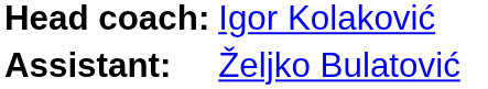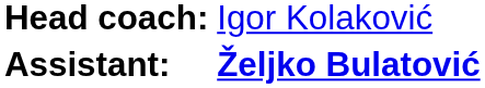 <table>
 <tr>
 <td><strong>Head coach:</strong></td>
 <td><a href='#'>Igor Kolaković</a></td>
 </tr>
 <tr>
 <td><strong>Assistant:</strong></td>
-<td><a href='#'>Željko Bulatović</a></td>
+<td><strong><a href='#'>Željko Bulatović</a></strong></td>
 </tr>
 </table>
